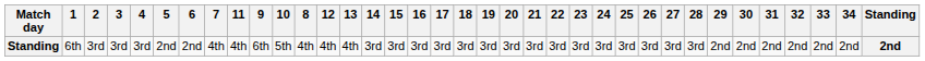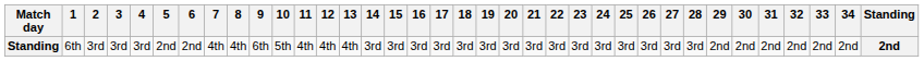 <table class="wikitable" style="width:100%; font-size:85%;">
 <tr valign=top>
 <th align=center>Match day</th>
 <th align=center>1</th>
 <th align=center>2</th>
 <th align=center>3</th>
 <th align=center>4</th>
 <th align=center>5</th>
 <th align=center>6</th>
 <th align=center>7</th>
-<th align=center>11</th>
+<th align=center>8</th>
 <th align=center>9</th>
 <th align=center>10</th>
-<th align=center>8</th>
+<th align=center>11</th>
 <th align=center>12</th>
 <th align=center>13</th>
 <th align=center>14</th>
 <th align=center>15</th>
 <th align=center>16</th>
 <th align=center>17</th>
 <th align=center>18</th>
 <th align=center>19</th>
 <th align=center>20</th>
 <th align=center>21</th>
 <th align=center>22</th>
 <th align=center>23</th>
 <th align=center>24</th>
 <th align=center>25</th>
 <th align=center>26</th>
 <th align=center>27</th>
 <th align=center>28</th>
 <th align=center>29</th>
 <th align=center>30</th>
 <th align=center>31</th>
 <th align=center>32</th>
 <th align=center>33</th>
 <th align=center>34</th>
 <th align=center><strong>Standing</strong></th>
 </tr>
 <tr>
 <th align=center>Standing</th>
 <td align=center>6th</td>
 <td align=center>3rd</td>
 <td align=center>3rd</td>
 <td align=center>3rd</td>
 <td align=center>2nd</td>
 <td align=center>2nd</td>
 <td align=center>4th</td>
 <td align=center>4th</td>
 <td align=center>6th</td>
 <td align=center>5th</td>
 <td align=center>4th</td>
 <td align=center>4th</td>
 <td align=center>4th</td>
 <td align=center>3rd</td>
 <td align=center>3rd</td>
 <td align=center>3rd</td>
 <td align=center>3rd</td>
 <td align=center>3rd</td>
 <td align=center>3rd</td>
 <td align=center>3rd</td>
 <td align=center>3rd</td>
 <td align=center>3rd</td>
 <td align=center>3rd</td>
 <td align=center>3rd</td>
 <td align=center>3rd</td>
 <td align=center>3rd</td>
 <td align=center>3rd</td>
 <td align=center>3rd</td>
 <td align=center>2nd</td>
 <td align=center>2nd</td>
 <td align=center>2nd</td>
 <td align=center>2nd</td>
 <td align=center>2nd</td>
 <td align=center>2nd</td>
 <th align=center><strong>2nd</strong></th>
 </tr>
 </table>
